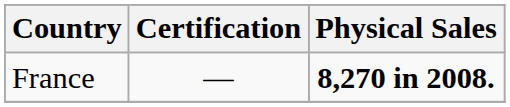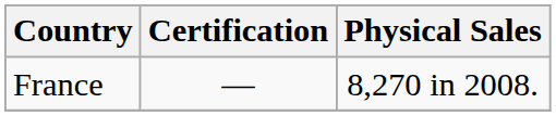 <table class="wikitable">
 <tr>
 <th align="left">Country</th>
 <th align="left">Certification</th>
 <th align="left">Physical Sales</th>
 </tr>
 <tr>
 <td align="left">France</td>
 <td align="center">—</td>
-<td align="center"><strong>8,270 in 2008.</strong></td>
+<td align="center">8,270 in 2008.</td>
 </tr>
 <tr>
 </tr>
 </table>
